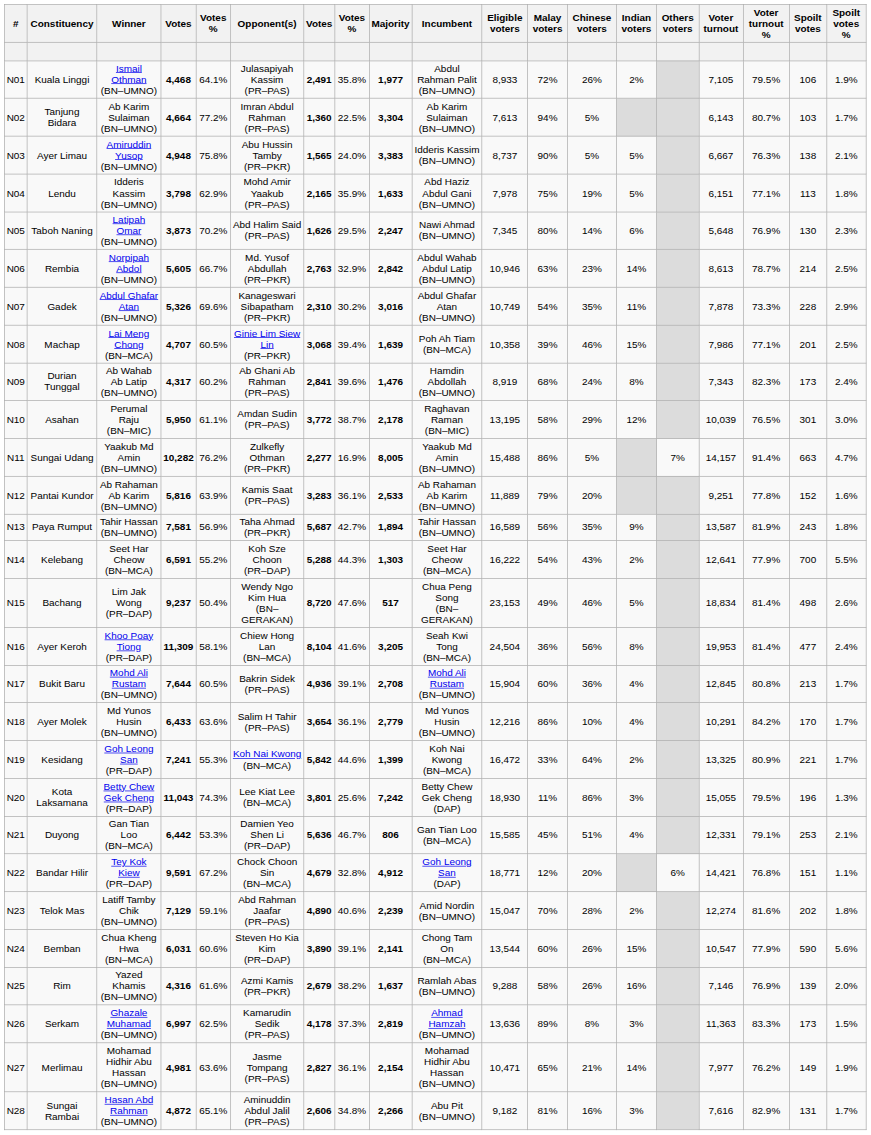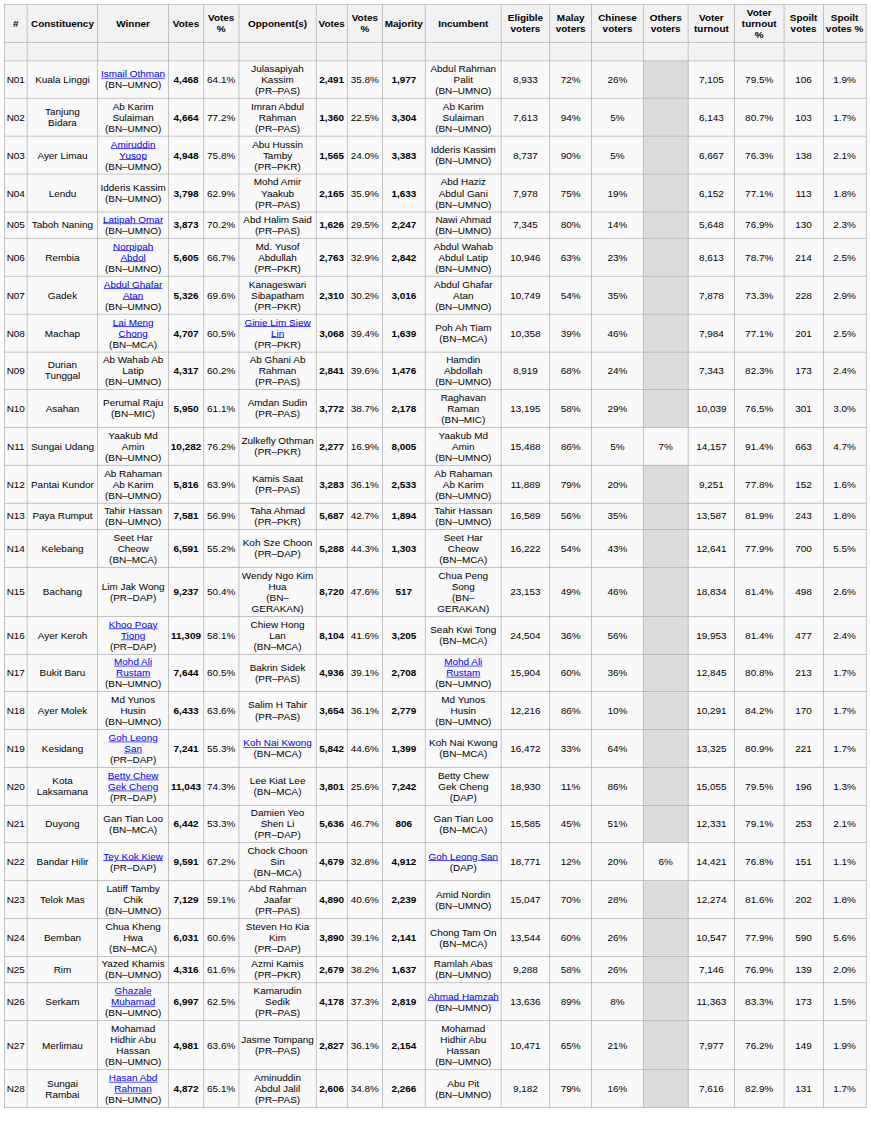 <table class="wikitable sortable" style="text-align:center; font-size:90%">
 <tr>
 <th>#</th>
 <th>Constituency</th>
 <th>Winner</th>
 <th>Votes</th>
 <th>Votes %</th>
 <th>Opponent(s)</th>
 <th>Votes</th>
 <th>Votes %</th>
 <th>Majority</th>
 <th>Incumbent</th>
 <th>Eligible voters</th>
 <th>Malay voters</th>
 <th>Chinese voters</th>
-<th>Indian voters</th>
 <th>Others voters</th>
 <th>Voter turnout</th>
 <th>Voter turnout %</th>
 <th>Spoilt votes</th>
 <th>Spoilt votes %</th>
 </tr>
 <tr>
 <th height="20"></th>
-<th></th>
 <th></th>
 <th></th>
 <th></th>
 <th></th>
 <th></th>
 <th></th>
 <th></th>
 <th></th>
 <th></th>
 <th></th>
 <th></th>
 <th></th>
 <th></th>
 <th></th>
 <th></th>
 <th></th>
 <th></th>
 </tr>
 <tr>
 <td>N01</td>
 <td>Kuala Linggi</td>
 <td><a href='#'>Ismail Othman</a><br>(BN–UMNO)</td>
 <td><strong>4,468</strong></td>
 <td>64.1%</td>
 <td>Julasapiyah Kassim<br>(PR–PAS)</td>
 <td><strong>2,491</strong></td>
 <td>35.8%</td>
 <td><strong>1,977</strong></td>
 <td>Abdul Rahman Palit<br>(BN–UMNO)</td>
 <td>8,933</td>
 <td>72%</td>
 <td>26%</td>
-<td>2%</td>
 <td bgcolor="dcdcdc"></td>
 <td>7,105</td>
 <td>79.5%</td>
 <td>106</td>
 <td>1.9%</td>
 </tr>
 <tr align="center">
 <td>N02</td>
 <td>Tanjung Bidara</td>
 <td>Ab Karim Sulaiman<br>(BN–UMNO)</td>
 <td><strong>4,664</strong></td>
 <td>77.2%</td>
 <td>Imran Abdul Rahman<br>(PR–PAS)</td>
 <td><strong>1,360</strong></td>
 <td>22.5%</td>
 <td><strong>3,304</strong></td>
 <td>Ab Karim Sulaiman<br>(BN–UMNO)</td>
 <td>7,613</td>
 <td>94%</td>
 <td>5%</td>
 <td bgcolor="dcdcdc"></td>
-<td bgcolor="dcdcdc"></td>
 <td>6,143</td>
 <td>80.7%</td>
 <td>103</td>
 <td>1.7%</td>
 </tr>
 <tr align="center">
 <td>N03</td>
 <td>Ayer Limau</td>
 <td><a href='#'>Amiruddin Yusop</a><br>(BN–UMNO)</td>
 <td><strong>4,948</strong></td>
 <td>75.8%</td>
 <td>Abu Hussin Tamby<br>(PR–PKR)</td>
 <td><strong>1,565</strong></td>
 <td>24.0%</td>
 <td><strong>3,383</strong></td>
 <td>Idderis Kassim<br>(BN–UMNO)</td>
 <td>8,737</td>
 <td>90%</td>
-<td>5%</td>
 <td>5%</td>
 <td bgcolor="dcdcdc"></td>
 <td>6,667</td>
 <td>76.3%</td>
 <td>138</td>
 <td>2.1%</td>
 </tr>
 <tr align="center">
 <td>N04</td>
 <td>Lendu</td>
 <td>Idderis Kassim<br>(BN–UMNO)</td>
 <td><strong>3,798</strong></td>
 <td>62.9%</td>
 <td>Mohd Amir Yaakub<br>(PR–PAS)</td>
 <td><strong>2,165</strong></td>
 <td>35.9%</td>
 <td><strong>1,633</strong></td>
 <td>Abd Haziz Abdul Gani<br>(BN–UMNO)</td>
 <td>7,978</td>
 <td>75%</td>
 <td>19%</td>
-<td>5%</td>
 <td bgcolor="dcdcdc"></td>
-<td>6,151</td>
+<td>6,152</td>
 <td>77.1%</td>
 <td>113</td>
 <td>1.8%</td>
 </tr>
 <tr align="center">
 <td>N05</td>
 <td>Taboh Naning</td>
 <td><a href='#'>Latipah Omar</a><br>(BN–UMNO)</td>
 <td><strong>3,873</strong></td>
 <td>70.2%</td>
 <td>Abd Halim Said<br>(PR–PAS)</td>
 <td><strong>1,626</strong></td>
 <td>29.5%</td>
 <td><strong>2,247</strong></td>
 <td>Nawi Ahmad<br>(BN–UMNO)</td>
 <td>7,345</td>
 <td>80%</td>
 <td>14%</td>
-<td>6%</td>
 <td bgcolor="dcdcdc"></td>
 <td>5,648</td>
 <td>76.9%</td>
 <td>130</td>
 <td>2.3%</td>
 </tr>
 <tr align="center">
 <td>N06</td>
 <td>Rembia</td>
 <td><a href='#'>Norpipah Abdol</a><br>(BN–UMNO)</td>
 <td><strong>5,605</strong></td>
 <td>66.7%</td>
 <td>Md. Yusof Abdullah<br>(PR–PKR)</td>
 <td><strong>2,763</strong></td>
 <td>32.9%</td>
 <td><strong>2,842</strong></td>
 <td>Abdul Wahab Abdul Latip<br>(BN–UMNO)</td>
 <td>10,946</td>
 <td>63%</td>
 <td>23%</td>
-<td>14%</td>
 <td bgcolor="dcdcdc"></td>
 <td>8,613</td>
 <td>78.7%</td>
 <td>214</td>
 <td>2.5%</td>
 </tr>
 <tr align="center">
 <td>N07</td>
 <td>Gadek</td>
 <td><a href='#'>Abdul Ghafar Atan</a><br>(BN–UMNO)</td>
 <td><strong>5,326</strong></td>
 <td>69.6%</td>
 <td>Kanageswari Sibapatham<br>(PR–PKR)</td>
 <td><strong>2,310</strong></td>
 <td>30.2%</td>
 <td><strong>3,016</strong></td>
 <td>Abdul Ghafar Atan<br>(BN–UMNO)</td>
 <td>10,749</td>
 <td>54%</td>
 <td>35%</td>
-<td>11%</td>
 <td bgcolor="dcdcdc"></td>
 <td>7,878</td>
 <td>73.3%</td>
 <td>228</td>
 <td>2.9%</td>
 </tr>
 <tr align="center">
 <td>N08</td>
 <td>Machap</td>
 <td><a href='#'>Lai Meng Chong</a><br>(BN–MCA)</td>
 <td><strong>4,707</strong></td>
 <td>60.5%</td>
 <td><a href='#'>Ginie Lim Siew Lin</a><br>(PR–PKR)</td>
 <td><strong>3,068</strong></td>
 <td>39.4%</td>
 <td><strong>1,639</strong></td>
 <td>Poh Ah Tiam<br>(BN–MCA)</td>
 <td>10,358</td>
 <td>39%</td>
 <td>46%</td>
-<td>15%</td>
 <td bgcolor="dcdcdc"></td>
-<td>7,986</td>
+<td>7,984</td>
 <td>77.1%</td>
 <td>201</td>
 <td>2.5%</td>
 </tr>
 <tr align="center">
 <td>N09</td>
 <td>Durian Tunggal</td>
 <td>Ab Wahab Ab Latip<br>(BN–UMNO)</td>
 <td><strong>4,317</strong></td>
 <td>60.2%</td>
 <td>Ab Ghani Ab Rahman<br>(PR–PAS)</td>
 <td><strong>2,841</strong></td>
 <td>39.6%</td>
 <td><strong>1,476</strong></td>
 <td>Hamdin Abdollah<br>(BN–UMNO)</td>
 <td>8,919</td>
 <td>68%</td>
 <td>24%</td>
-<td>8%</td>
 <td bgcolor="dcdcdc"></td>
 <td>7,343</td>
 <td>82.3%</td>
 <td>173</td>
 <td>2.4%</td>
 </tr>
 <tr align="center">
 <td>N10</td>
 <td>Asahan</td>
 <td>Perumal Raju<br>(BN–MIC)</td>
 <td><strong>5,950</strong></td>
 <td>61.1%</td>
 <td>Amdan Sudin<br>(PR–PAS)</td>
 <td><strong>3,772</strong></td>
 <td>38.7%</td>
 <td><strong>2,178</strong></td>
 <td>Raghavan Raman<br>(BN–MIC)</td>
 <td>13,195</td>
 <td>58%</td>
 <td>29%</td>
-<td>12%</td>
 <td bgcolor="dcdcdc"></td>
 <td>10,039</td>
 <td>76.5%</td>
 <td>301</td>
 <td>3.0%</td>
 </tr>
 <tr align="center">
 <td>N11</td>
 <td>Sungai Udang</td>
 <td>Yaakub Md Amin<br>(BN–UMNO)</td>
 <td><strong>10,282</strong></td>
 <td>76.2%</td>
 <td>Zulkefly Othman<br>(PR–PKR)</td>
 <td><strong>2,277</strong></td>
 <td>16.9%</td>
 <td><strong>8,005</strong></td>
 <td>Yaakub Md Amin<br>(BN–UMNO)</td>
 <td>15,488</td>
 <td>86%</td>
 <td>5%</td>
-<td bgcolor="dcdcdc"></td>
 <td>7%</td>
 <td>14,157</td>
 <td>91.4%</td>
 <td>663</td>
 <td>4.7%</td>
 </tr>
 <tr align="center">
 <td>N12</td>
 <td>Pantai Kundor</td>
 <td>Ab Rahaman Ab Karim<br>(BN–UMNO)</td>
 <td><strong>5,816</strong></td>
 <td>63.9%</td>
 <td>Kamis Saat<br>(PR–PAS)</td>
 <td><strong>3,283</strong></td>
 <td>36.1%</td>
 <td><strong>2,533</strong></td>
 <td>Ab Rahaman Ab Karim<br>(BN–UMNO)</td>
 <td>11,889</td>
 <td>79%</td>
 <td>20%</td>
 <td bgcolor="dcdcdc"></td>
-<td bgcolor="dcdcdc"></td>
 <td>9,251</td>
 <td>77.8%</td>
 <td>152</td>
 <td>1.6%</td>
 </tr>
 <tr align="center">
 <td>N13</td>
 <td>Paya Rumput</td>
 <td>Tahir Hassan<br>(BN–UMNO)</td>
 <td><strong>7,581</strong></td>
 <td>56.9%</td>
 <td>Taha Ahmad<br>(PR–PKR)</td>
 <td><strong>5,687</strong></td>
 <td>42.7%</td>
 <td><strong>1,894</strong></td>
 <td>Tahir Hassan<br>(BN–UMNO)</td>
 <td>16,589</td>
 <td>56%</td>
 <td>35%</td>
-<td>9%</td>
 <td bgcolor="dcdcdc"></td>
 <td>13,587</td>
 <td>81.9%</td>
 <td>243</td>
 <td>1.8%</td>
 </tr>
 <tr align="center">
 <td>N14</td>
 <td>Kelebang</td>
 <td>Seet Har Cheow<br>(BN–MCA)</td>
 <td><strong>6,591</strong></td>
 <td>55.2%</td>
 <td>Koh Sze Choon<br>(PR–DAP)</td>
 <td><strong>5,288</strong></td>
 <td>44.3%</td>
 <td><strong>1,303</strong></td>
 <td>Seet Har Cheow<br>(BN–MCA)</td>
 <td>16,222</td>
 <td>54%</td>
 <td>43%</td>
-<td>2%</td>
 <td bgcolor="dcdcdc"></td>
 <td>12,641</td>
 <td>77.9%</td>
 <td>700</td>
 <td>5.5%</td>
 </tr>
 <tr align="center">
 <td>N15</td>
 <td>Bachang</td>
 <td>Lim Jak Wong<br>(PR–DAP)</td>
 <td><strong>9,237</strong></td>
 <td>50.4%</td>
 <td>Wendy Ngo Kim Hua<br>(BN–GERAKAN)</td>
 <td><strong>8,720</strong></td>
 <td>47.6%</td>
 <td><strong>517</strong></td>
 <td>Chua Peng Song<br>(BN–GERAKAN)</td>
 <td>23,153</td>
 <td>49%</td>
 <td>46%</td>
-<td>5%</td>
 <td bgcolor="dcdcdc"></td>
 <td>18,834</td>
 <td>81.4%</td>
 <td>498</td>
 <td>2.6%</td>
 </tr>
 <tr align="center">
 <td>N16</td>
 <td>Ayer Keroh</td>
 <td><a href='#'>Khoo Poay Tiong</a><br>(PR–DAP)</td>
 <td><strong>11,309</strong></td>
 <td>58.1%</td>
 <td>Chiew Hong Lan<br>(BN–MCA)</td>
 <td><strong>8,104</strong></td>
 <td>41.6%</td>
 <td><strong>3,205</strong></td>
 <td>Seah Kwi Tong<br>(BN–MCA)</td>
 <td>24,504</td>
 <td>36%</td>
 <td>56%</td>
-<td>8%</td>
 <td bgcolor="dcdcdc"></td>
 <td>19,953</td>
 <td>81.4%</td>
 <td>477</td>
 <td>2.4%</td>
 </tr>
 <tr align="center">
 <td>N17</td>
 <td>Bukit Baru</td>
 <td><a href='#'>Mohd Ali Rustam</a><br>(BN–UMNO)</td>
 <td><strong>7,644</strong></td>
 <td>60.5%</td>
 <td>Bakrin Sidek<br>(PR–PAS)</td>
 <td><strong>4,936</strong></td>
 <td>39.1%</td>
 <td><strong>2,708</strong></td>
 <td><a href='#'>Mohd Ali Rustam</a><br>(BN–UMNO)</td>
 <td>15,904</td>
 <td>60%</td>
 <td>36%</td>
-<td>4%</td>
 <td bgcolor="dcdcdc"></td>
 <td>12,845</td>
 <td>80.8%</td>
 <td>213</td>
 <td>1.7%</td>
 </tr>
 <tr align="center">
 <td>N18</td>
 <td>Ayer Molek</td>
 <td>Md Yunos Husin<br>(BN–UMNO)</td>
 <td><strong>6,433</strong></td>
 <td>63.6%</td>
 <td>Salim H Tahir<br>(PR–PAS)</td>
 <td><strong>3,654</strong></td>
 <td>36.1%</td>
 <td><strong>2,779</strong></td>
 <td>Md Yunos Husin<br>(BN–UMNO)</td>
 <td>12,216</td>
 <td>86%</td>
 <td>10%</td>
-<td>4%</td>
 <td bgcolor="dcdcdc"></td>
 <td>10,291</td>
 <td>84.2%</td>
 <td>170</td>
 <td>1.7%</td>
 </tr>
 <tr align="center">
 <td>N19</td>
 <td>Kesidang</td>
 <td><a href='#'>Goh Leong San</a><br>(PR–DAP)</td>
 <td><strong>7,241</strong></td>
 <td>55.3%</td>
 <td><a href='#'>Koh Nai Kwong</a><br>(BN–MCA)</td>
 <td><strong>5,842</strong></td>
 <td>44.6%</td>
 <td><strong>1,399</strong></td>
 <td>Koh Nai Kwong<br>(BN–MCA)</td>
 <td>16,472</td>
 <td>33%</td>
 <td>64%</td>
-<td>2%</td>
 <td bgcolor="dcdcdc"></td>
 <td>13,325</td>
 <td>80.9%</td>
 <td>221</td>
 <td>1.7%</td>
 </tr>
 <tr align="center">
 <td>N20</td>
 <td>Kota Laksamana</td>
 <td><a href='#'>Betty Chew Gek Cheng</a><br>(PR–DAP)</td>
 <td><strong>11,043</strong></td>
 <td>74.3%</td>
 <td>Lee Kiat Lee<br>(BN–MCA)</td>
 <td><strong>3,801</strong></td>
 <td>25.6%</td>
 <td><strong>7,242</strong></td>
 <td>Betty Chew Gek Cheng<br>(DAP)</td>
 <td>18,930</td>
 <td>11%</td>
 <td>86%</td>
-<td>3%</td>
 <td bgcolor="dcdcdc"></td>
 <td>15,055</td>
 <td>79.5%</td>
 <td>196</td>
 <td>1.3%</td>
 </tr>
 <tr align="center">
 <td>N21</td>
 <td>Duyong</td>
 <td>Gan Tian Loo<br>(BN–MCA)</td>
 <td><strong>6,442</strong></td>
 <td>53.3%</td>
 <td>Damien Yeo Shen Li<br>(PR–DAP)</td>
 <td><strong>5,636</strong></td>
 <td>46.7%</td>
 <td><strong>806</strong></td>
 <td>Gan Tian Loo<br>(BN–MCA)</td>
 <td>15,585</td>
 <td>45%</td>
 <td>51%</td>
-<td>4%</td>
 <td bgcolor="dcdcdc"></td>
 <td>12,331</td>
 <td>79.1%</td>
 <td>253</td>
 <td>2.1%</td>
 </tr>
 <tr align="center">
 <td>N22</td>
 <td>Bandar Hilir</td>
 <td><a href='#'>Tey Kok Kiew</a><br>(PR–DAP)</td>
 <td><strong>9,591</strong></td>
 <td>67.2%</td>
 <td>Chock Choon Sin<br>(BN–MCA)</td>
 <td><strong>4,679</strong></td>
 <td>32.8%</td>
 <td><strong>4,912</strong></td>
 <td><a href='#'>Goh Leong San</a><br>(DAP)</td>
 <td>18,771</td>
 <td>12%</td>
 <td>20%</td>
-<td bgcolor="dcdcdc"></td>
 <td>6%</td>
 <td>14,421</td>
 <td>76.8%</td>
 <td>151</td>
 <td>1.1%</td>
 </tr>
 <tr align="center">
 <td>N23</td>
 <td>Telok Mas</td>
 <td>Latiff Tamby Chik<br>(BN–UMNO)</td>
 <td><strong>7,129</strong></td>
 <td>59.1%</td>
 <td>Abd Rahman Jaafar<br>(PR–PAS)</td>
 <td><strong>4,890</strong></td>
 <td>40.6%</td>
 <td><strong>2,239</strong></td>
 <td>Amid Nordin<br>(BN–UMNO)</td>
 <td>15,047</td>
 <td>70%</td>
 <td>28%</td>
-<td>2%</td>
 <td bgcolor="dcdcdc"></td>
 <td>12,274</td>
 <td>81.6%</td>
 <td>202</td>
 <td>1.8%</td>
 </tr>
 <tr align="center">
 <td>N24</td>
 <td>Bemban</td>
 <td>Chua Kheng Hwa<br>(BN–MCA)</td>
 <td><strong>6,031</strong></td>
 <td>60.6%</td>
 <td>Steven Ho Kia Kim<br>(PR–DAP)</td>
 <td><strong>3,890</strong></td>
 <td>39.1%</td>
 <td><strong>2,141</strong></td>
 <td>Chong Tam On<br>(BN–MCA)</td>
 <td>13,544</td>
 <td>60%</td>
 <td>26%</td>
-<td>15%</td>
 <td bgcolor="dcdcdc"></td>
 <td>10,547</td>
 <td>77.9%</td>
 <td>590</td>
 <td>5.6%</td>
 </tr>
 <tr align="center">
 <td>N25</td>
 <td>Rim</td>
 <td>Yazed Khamis<br>(BN–UMNO)</td>
 <td><strong>4,316</strong></td>
 <td>61.6%</td>
 <td>Azmi Kamis<br>(PR–PKR)</td>
 <td><strong>2,679</strong></td>
 <td>38.2%</td>
 <td><strong>1,637</strong></td>
 <td>Ramlah Abas<br>(BN–UMNO)</td>
 <td>9,288</td>
 <td>58%</td>
 <td>26%</td>
-<td>16%</td>
 <td bgcolor="dcdcdc"></td>
 <td>7,146</td>
 <td>76.9%</td>
 <td>139</td>
 <td>2.0%</td>
 </tr>
 <tr align="center">
 <td>N26</td>
 <td>Serkam</td>
 <td><a href='#'>Ghazale Muhamad</a><br>(BN–UMNO)</td>
 <td><strong>6,997</strong></td>
 <td>62.5%</td>
 <td>Kamarudin Sedik<br>(PR–PAS)</td>
 <td><strong>4,178</strong></td>
 <td>37.3%</td>
 <td><strong>2,819</strong></td>
 <td><a href='#'>Ahmad Hamzah</a><br>(BN–UMNO)</td>
 <td>13,636</td>
 <td>89%</td>
 <td>8%</td>
-<td>3%</td>
 <td bgcolor="dcdcdc"></td>
 <td>11,363</td>
 <td>83.3%</td>
 <td>173</td>
 <td>1.5%</td>
 </tr>
 <tr align="center">
 <td>N27</td>
 <td>Merlimau</td>
 <td>Mohamad Hidhir Abu Hassan<br>(BN–UMNO)</td>
 <td><strong>4,981</strong></td>
 <td>63.6%</td>
 <td>Jasme Tompang<br>(PR–PAS)</td>
 <td><strong>2,827</strong></td>
 <td>36.1%</td>
 <td><strong>2,154</strong></td>
 <td>Mohamad Hidhir Abu Hassan<br>(BN–UMNO)</td>
 <td>10,471</td>
 <td>65%</td>
 <td>21%</td>
-<td>14%</td>
 <td bgcolor="dcdcdc"></td>
 <td>7,977</td>
 <td>76.2%</td>
 <td>149</td>
 <td>1.9%</td>
 </tr>
 <tr align="center">
 <td>N28</td>
 <td>Sungai Rambai</td>
 <td><a href='#'>Hasan Abd Rahman</a><br>(BN–UMNO)</td>
 <td><strong>4,872</strong></td>
 <td>65.1%</td>
 <td>Aminuddin Abdul Jalil<br>(PR–PAS)</td>
 <td><strong>2,606</strong></td>
 <td>34.8%</td>
 <td><strong>2,266</strong></td>
 <td>Abu Pit<br>(BN–UMNO)</td>
 <td>9,182</td>
-<td>81%</td>
+<td>79%</td>
 <td>16%</td>
-<td>3%</td>
 <td bgcolor="dcdcdc"></td>
 <td>7,616</td>
 <td>82.9%</td>
 <td>131</td>
 <td>1.7%</td>
 </tr>
 </table>
